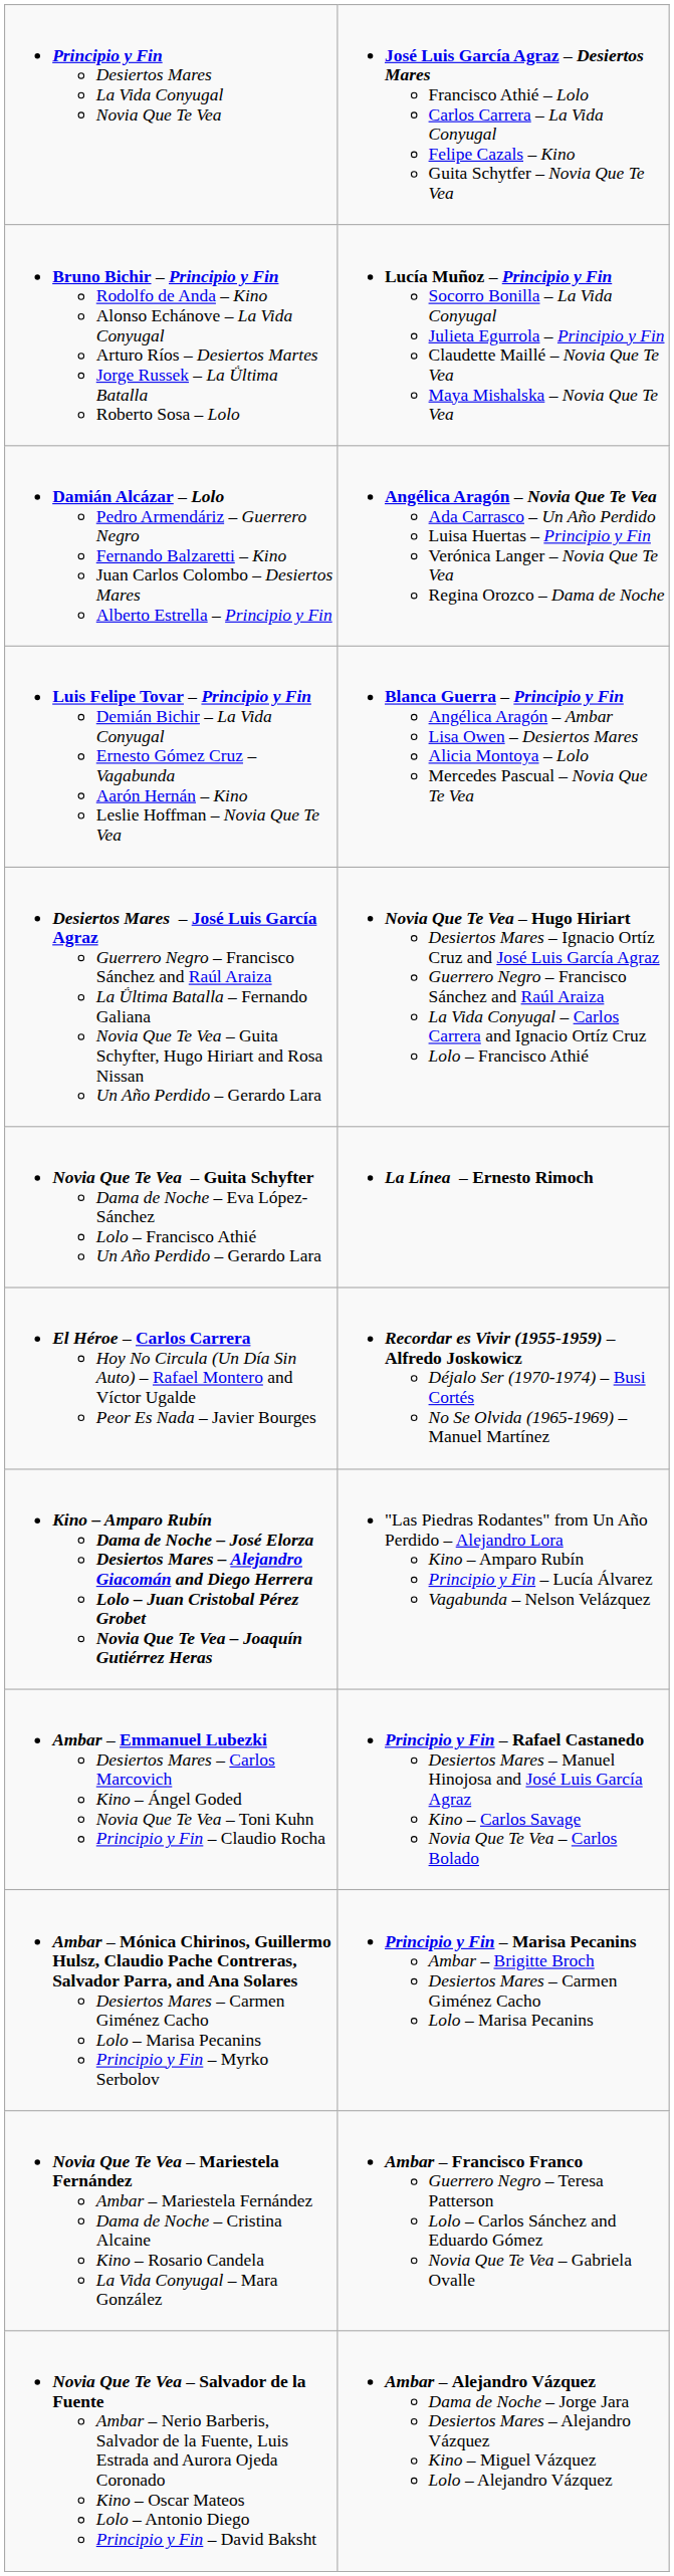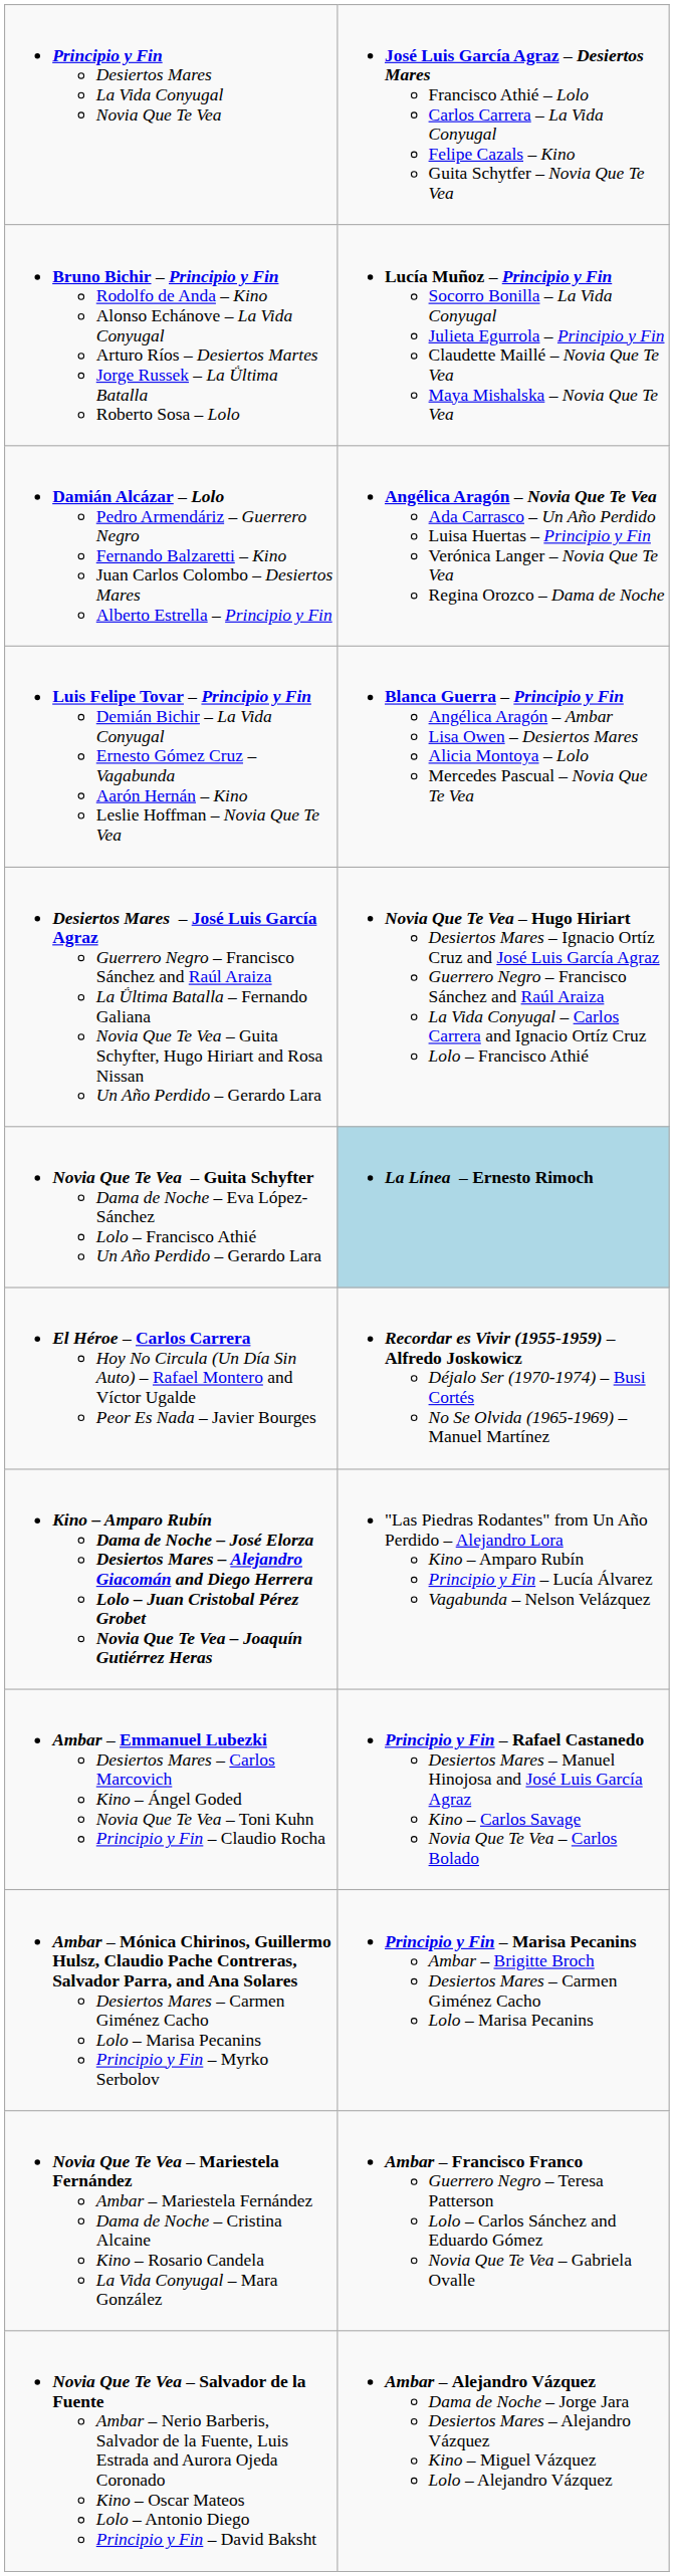 <table class=wikitable>
 <tr>
 <td style="vertical-align:top; width:50%;"><br><ul><li><strong><em><a href='#'>Principio y Fin</a></em></strong><ul><li><em>Desiertos Mares</em></li><li><em>La Vida Conyugal</em></li><li><em>Novia Que Te Vea</em></li></ul></li></ul></td>
 <td style="vertical-align:top; width:50%;"><br><ul><li><strong><a href='#'>José Luis García Agraz</a></strong> – <strong><em>Desiertos Mares</em></strong><ul><li>Francisco Athié – <em>Lolo</em></li><li><a href='#'>Carlos Carrera</a> – <em>La Vida Conyugal</em></li><li><a href='#'>Felipe Cazals</a> – <em>Kino</em></li><li>Guita Schytfer – <em>Novia Que Te Vea</em></li></ul></li></ul></td>
 </tr>
 <tr>
 <td style="vertical-align:top; width:50%;"><br><ul><li><strong><a href='#'>Bruno Bichir</a></strong> – <strong><em><a href='#'>Principio y Fin</a></em></strong><ul><li><a href='#'>Rodolfo de Anda</a> – <em>Kino</em></li><li>Alonso Echánove – <em>La Vida Conyugal</em></li><li>Arturo Ríos – <em>Desiertos Martes</em></li><li><a href='#'>Jorge Russek</a> – <em>La Ǘltima Batalla</em></li><li>Roberto Sosa – <em>Lolo</em></li></ul></li></ul></td>
 <td style="vertical-align:top; width:50%;"><br><ul><li><strong>Lucía Muñoz</strong> – <strong><em><a href='#'>Principio y Fin</a></em></strong><ul><li><a href='#'>Socorro Bonilla</a> – <em>La Vida Conyugal</em></li><li><a href='#'>Julieta Egurrola</a> – <em><a href='#'>Principio y Fin</a></em></li><li>Claudette Maillé – <em>Novia Que Te Vea</em></li><li><a href='#'>Maya Mishalska</a> – <em>Novia Que Te Vea</em></li></ul></li></ul></td>
 </tr>
 <tr>
 <td style="vertical-align:top; width:50%;"><br><ul><li><strong><a href='#'>Damián Alcázar</a></strong> – <strong><em>Lolo</em></strong><ul><li><a href='#'>Pedro Armendáriz</a> – <em>Guerrero Negro</em></li><li><a href='#'>Fernando Balzaretti</a> – <em>Kino</em></li><li>Juan Carlos Colombo – <em>Desiertos Mares</em></li><li><a href='#'>Alberto Estrella</a> – <em><a href='#'>Principio y Fin</a></em></li></ul></li></ul></td>
 <td style="vertical-align:top; width:50%;"><br><ul><li><strong><a href='#'>Angélica Aragón</a></strong> – <strong><em>Novia Que Te Vea</em></strong><ul><li><a href='#'>Ada Carrasco</a> – <em>Un Año Perdido</em></li><li>Luisa Huertas – <em><a href='#'>Principio y Fin</a></em></li><li>Verónica Langer – <em>Novia Que Te Vea</em></li><li>Regina Orozco – <em>Dama de Noche</em></li></ul></li></ul></td>
 </tr>
 <tr>
 <td style="vertical-align:top; width:50%;"><br><ul><li><strong><a href='#'>Luis Felipe Tovar</a></strong> – <strong><em><a href='#'>Principio y Fin</a></em></strong><ul><li><a href='#'>Demián Bichir</a> – <em>La Vida Conyugal</em></li><li><a href='#'>Ernesto Gómez Cruz</a> – <em>Vagabunda</em></li><li><a href='#'>Aarón Hernán</a> – <em>Kino</em></li><li>Leslie Hoffman – <em>Novia Que Te Vea</em></li></ul></li></ul></td>
 <td style="vertical-align:top; width:50%;"><br><ul><li><strong><a href='#'>Blanca Guerra</a></strong> – <strong><em><a href='#'>Principio y Fin</a></em></strong><ul><li><a href='#'>Angélica Aragón</a> – <em>Ambar</em></li><li><a href='#'>Lisa Owen</a> – <em>Desiertos Mares</em></li><li><a href='#'>Alicia Montoya</a> – <em>Lolo</em></li><li>Mercedes Pascual – <em>Novia Que Te Vea</em></li></ul></li></ul></td>
 </tr>
 <tr>
 <td style="vertical-align:top; width:50%;"><br><ul><li><strong><em>Desiertos Mares</em></strong>  – <strong><a href='#'>José Luis García Agraz</a></strong><ul><li><em>Guerrero Negro</em> – Francisco Sánchez and <a href='#'>Raúl Araiza</a></li><li><em>La Ǘltima Batalla</em> – Fernando Galiana</li><li><em>Novia Que Te Vea</em> – Guita Schyfter, Hugo Hiriart and Rosa Nissan</li><li><em>Un Año Perdido</em> – Gerardo Lara</li></ul></li></ul></td>
 <td style="vertical-align:top; width:50%;"><br><ul><li><strong><em>Novia Que Te Vea</em></strong> – <strong>Hugo Hiriart</strong><ul><li><em>Desiertos Mares</em> – Ignacio Ortíz Cruz and <a href='#'>José Luis García Agraz</a></li><li><em>Guerrero Negro</em> – Francisco Sánchez and <a href='#'>Raúl Araiza</a></li><li><em>La Vida Conyugal</em> – <a href='#'>Carlos Carrera</a> and Ignacio Ortíz Cruz</li><li><em>Lolo</em> – Francisco Athié</li></ul></li></ul></td>
 </tr>
 <tr>
 <td style="vertical-align:top; width:50%;"><br><ul><li><strong><em>Novia Que Te Vea</em></strong>  – <strong>Guita Schyfter</strong><ul><li><em>Dama de Noche</em> – Eva López-Sánchez</li><li><em>Lolo</em> – Francisco Athié</li><li><em>Un Año Perdido</em> – Gerardo Lara</li></ul></li></ul></td>
-<td style="vertical-align:top; width:50%;"><br><ul><li><strong><em>La Línea</em></strong>  – <strong>Ernesto Rimoch</strong></li></ul></td>
+<td style="background: lightblue; vertical-align:top; width:50%;"><br><ul><li><strong><em>La Línea</em></strong>  – <strong>Ernesto Rimoch</strong></li></ul></td>
 </tr>
 <tr>
 <td style="vertical-align:top; width:50%;"><br><ul><li><strong><em>El Héroe</em></strong> – <strong><a href='#'>Carlos Carrera</a></strong><ul><li><em>Hoy No Circula (Un Día Sin Auto)</em> – <a href='#'>Rafael Montero</a> and Víctor Ugalde</li><li><em>Peor Es Nada</em> – Javier Bourges</li></ul></li></ul></td>
 <td style="vertical-align:top; width:50%;"><br><ul><li><strong><em>Recordar es Vivir (1955-1959)</em></strong> – <strong>Alfredo Joskowicz</strong><ul><li><em>Déjalo Ser (1970-1974)</em> – <a href='#'>Busi Cortés</a></li><li><em>No Se Olvida (1965-1969)</em> – Manuel Martínez</li></ul></li></ul></td>
 </tr>
 <tr>
 <td valign="top"><br><ul><li><strong><em>Kino<em> – Amparo Rubín<strong><ul><li></em>Dama de Noche<em> – José Elorza</li><li></em>Desiertos Mares<em> – <a href='#'>Alejandro Giacomán</a> and Diego Herrera</li><li></em>Lolo<em> – Juan Cristobal Pérez Grobet</li><li></em>Novia Que Te Vea<em> – Joaquín Gutiérrez Heras</li></ul></li></ul></td>
 <td valign="top"><br><ul><li></strong>"Las Piedras Rodantes" from </em>Un Año Perdido</em></strong> – <a href='#'>Alejandro Lora</a><ul><li><em>Kino</em> – Amparo Rubín</li><li><em><a href='#'>Principio y Fin</a></em> – Lucía Álvarez</li><li><em>Vagabunda</em> – Nelson Velázquez</li></ul></li></ul></td>
 </tr>
 <tr>
 <td valign="top"><br><ul><li><strong><em>Ambar</em></strong> – <strong><a href='#'>Emmanuel Lubezki</a></strong><ul><li><em>Desiertos Mares</em> – <a href='#'>Carlos Marcovich</a></li><li><em>Kino</em> – Ángel Goded</li><li><em>Novia Que Te Vea</em> – Toni Kuhn</li><li><em><a href='#'>Principio y Fin</a></em> – Claudio Rocha</li></ul></li></ul></td>
 <td valign="top"><br><ul><li><strong><em><a href='#'>Principio y Fin</a></em></strong> – <strong>Rafael Castanedo</strong><ul><li><em>Desiertos Mares</em> – Manuel Hinojosa and <a href='#'>José Luis García Agraz</a></li><li><em>Kino</em> – <a href='#'>Carlos Savage</a></li><li><em>Novia Que Te Vea</em> – <a href='#'>Carlos Bolado</a></li></ul></li></ul></td>
 </tr>
 <tr>
 <td valign="top"><br><ul><li><strong><em>Ambar</em></strong> – <strong>Mónica Chirinos, Guillermo Hulsz, Claudio Pache Contreras, Salvador Parra, and Ana Solares</strong><ul><li><em>Desiertos Mares</em> – Carmen Giménez Cacho</li><li><em>Lolo</em> – Marisa Pecanins</li><li><em><a href='#'>Principio y Fin</a></em> – Myrko Serbolov</li></ul></li></ul></td>
 <td valign="top"><br><ul><li><strong><em><a href='#'>Principio y Fin</a></em></strong> – <strong>Marisa Pecanins</strong><ul><li><em>Ambar</em> – <a href='#'>Brigitte Broch</a></li><li><em>Desiertos Mares</em> – Carmen Giménez Cacho</li><li><em>Lolo</em> – Marisa Pecanins</li></ul></li></ul></td>
 </tr>
 <tr>
 <td valign="top"><br><ul><li><strong><em>Novia Que Te Vea</em></strong> – <strong>Mariestela Fernández</strong><ul><li><em>Ambar</em> – Mariestela Fernández</li><li><em>Dama de Noche</em> – Cristina Alcaine</li><li><em>Kino</em> – Rosario Candela</li><li><em>La Vida Conyugal</em> – Mara González</li></ul></li></ul></td>
 <td valign="top"><br><ul><li><strong><em>Ambar</em></strong> – <strong>Francisco Franco</strong><ul><li><em>Guerrero Negro</em> – Teresa Patterson</li><li><em>Lolo</em> – Carlos Sánchez and Eduardo Gómez</li><li><em>Novia Que Te Vea</em> – Gabriela Ovalle</li></ul></li></ul></td>
 </tr>
 <tr>
 <td valign="top"><br><ul><li><strong><em>Novia Que Te Vea</em></strong> – <strong>Salvador de la Fuente</strong><ul><li><em>Ambar</em> – Nerio Barberis, Salvador de la Fuente, Luis Estrada and Aurora Ojeda Coronado</li><li><em>Kino</em> – Oscar Mateos</li><li><em>Lolo</em> – Antonio Diego</li><li><em><a href='#'>Principio y Fin</a></em> – David Baksht</li></ul></li></ul></td>
 <td valign="top"><br><ul><li><strong><em>Ambar</em></strong> – <strong>Alejandro Vázquez</strong><ul><li><em>Dama de Noche</em> – Jorge Jara</li><li><em>Desiertos Mares</em> – Alejandro Vázquez</li><li><em>Kino</em> – Miguel Vázquez</li><li><em>Lolo</em> – Alejandro Vázquez</li></ul></li></ul></td>
 </tr>
 <tr>
 </tr>
 </table>
